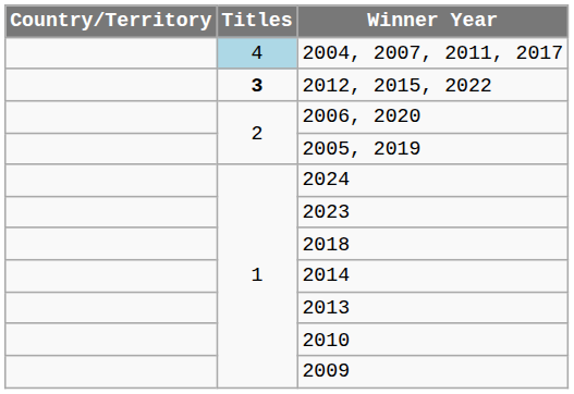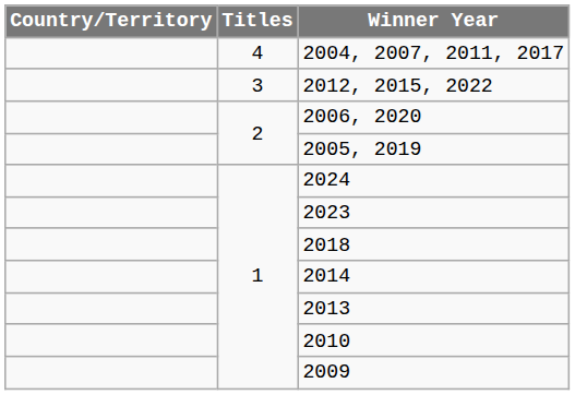 <table class="wikitable sortable" style="font-size: 89%;">
 <tr>
 <th style="background-color:#787878;color:#FFFFFF;">Country/Territory</th>
 <th style="background-color:#787878;color:#FFFFFF;">Titles</th>
 <th style="background-color:#787878;color:#FFFFFF;">Winner Year</th>
 </tr>
 <tr>
 <td></td>
-<td rowspan="1" style="background: lightblue; text-align:center;" align="center">4</td>
+<td rowspan="1" style="text-align:center;" align="center">4</td>
 <td>2004, 2007, 2011, 2017</td>
 </tr>
 <tr>
 <td></td>
-<td rowspan="1" style="text-align:center;" align="center"><strong>3</strong></td>
+<td rowspan="1" style="text-align:center;" align="center">3</td>
 <td>2012, 2015, 2022</td>
 </tr>
 <tr>
 <td></td>
 <td rowspan="2" style="text-align:center;" align="center">2</td>
 <td>2006, 2020</td>
 </tr>
 <tr>
 <td></td>
 <td>2005, 2019</td>
 </tr>
 <tr>
 <td></td>
 <td rowspan="7" style="text-align:center;" align="center">1</td>
 <td>2024</td>
 </tr>
 <tr>
 <td></td>
 <td>2023</td>
 </tr>
 <tr>
 <td></td>
 <td>2018</td>
 </tr>
 <tr>
 <td></td>
 <td>2014</td>
 </tr>
 <tr>
 <td></td>
 <td>2013</td>
 </tr>
 <tr>
 <td></td>
 <td>2010</td>
 </tr>
 <tr>
 <td></td>
 <td>2009</td>
 </tr>
 </table>
